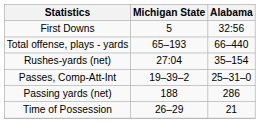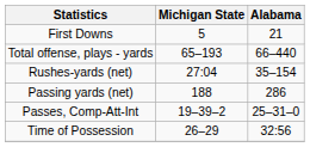 <table class="wikitable" style="text-align: center;">
 <tr>
 <th>Statistics</th>
 <th>Michigan State</th>
 <th>Alabama</th>
 </tr>
 <tr>
 <td>First Downs</td>
 <td>5</td>
-<td>32:56</td>
+<td>21</td>
 </tr>
 <tr>
 <td>Total offense, plays - yards</td>
 <td>65–193</td>
 <td>66–440</td>
 </tr>
 <tr>
 <td>Rushes-yards (net)</td>
 <td>27:04</td>
 <td>35–154</td>
 </tr>
 <tr>
+<td>Passing yards (net)</td>
+<td>188</td>
+<td>286</td>
+</tr>
+<tr>
 <td>Passes, Comp-Att-Int</td>
 <td>19–39–2</td>
 <td>25–31–0</td>
 </tr>
 <tr>
-<td>Passing yards (net)</td>
-<td>188</td>
-<td>286</td>
-</tr>
-<tr>
 <td>Time of Possession</td>
 <td>26–29</td>
-<td>21</td>
+<td>32:56</td>
 </tr>
 <tr>
 </tr>
 </table>
